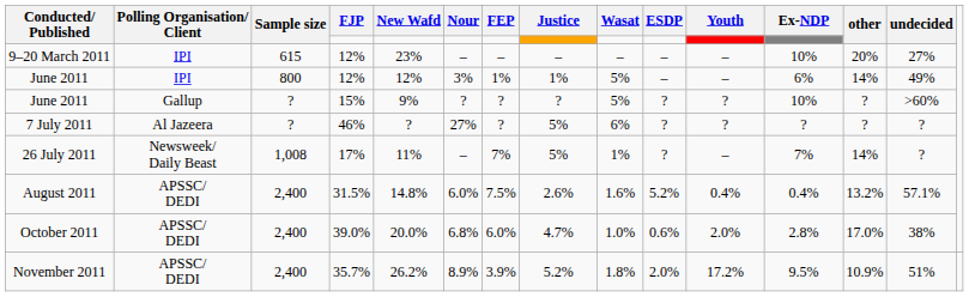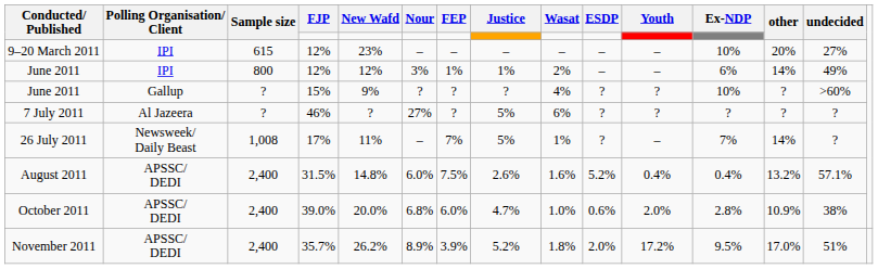 <table class="wikitable" style="text-align:center">
 <tr>
 <th rowspan=2>Conducted/<br> Published</th>
 <th rowspan=2>Polling Organisation/<br>Client</th>
 <th rowspan=2>Sample size</th>
 <th><a href='#'>FJP</a></th>
 <th><a href='#'>New Wafd</a></th>
 <th><a href='#'>Nour</a></th>
 <th><a href='#'>FEP</a></th>
 <th><a href='#'>Justice</a></th>
 <th><a href='#'>Wasat</a></th>
 <th><a href='#'>ESDP</a></th>
 <th><a href='#'>Youth</a></th>
 <th>Ex-<a href='#'>NDP</a></th>
 <th rowspan=2>other</th>
 <th rowspan=2>undecided</th>
 </tr>
 <tr>
 <td style="background:"></td>
 <td style="background:"></td>
 <td style="background:"></td>
 <td style="background:"></td>
 <td style="background:orange; width:80px;"></td>
 <td style="background:"></td>
 <td style="background:"></td>
 <td style="background:red; width:80px;"></td>
 <td style="background:gray; width:80px;"></td>
 </tr>
 <tr>
 <td>9–20 March 2011</td>
 <td><a href='#'>IPI</a></td>
 <td>615</td>
 <td>12%</td>
 <td>23%</td>
 <td>–</td>
 <td>–</td>
 <td>–</td>
 <td>–</td>
 <td>–</td>
 <td>–</td>
 <td>10%</td>
 <td>20%</td>
 <td>27%</td>
 </tr>
 <tr>
 <td>June 2011</td>
 <td><a href='#'>IPI</a></td>
 <td>800</td>
 <td>12%</td>
 <td>12%</td>
 <td>3%</td>
 <td>1%</td>
 <td>1%</td>
-<td>5%</td>
+<td>2%</td>
 <td>–</td>
 <td>–</td>
 <td>6%</td>
 <td>14%</td>
 <td>49%</td>
 </tr>
 <tr>
 <td>June 2011</td>
 <td>Gallup</td>
 <td>?</td>
 <td>15%</td>
 <td>9%</td>
 <td>?</td>
 <td>?</td>
 <td>?</td>
-<td>5%</td>
+<td>4%</td>
 <td>?</td>
 <td>?</td>
 <td>10%</td>
 <td>?</td>
 <td>>60%</td>
 </tr>
 <tr>
 <td>7 July 2011</td>
 <td>Al Jazeera</td>
 <td>?</td>
 <td>46%</td>
 <td>?</td>
 <td>27%</td>
 <td>?</td>
 <td>5%</td>
 <td>6%</td>
 <td>?</td>
 <td>?</td>
 <td>?</td>
 <td>?</td>
 <td>?</td>
 </tr>
 <tr>
 <td>26 July 2011</td>
 <td>Newsweek/<br>Daily Beast</td>
 <td>1,008</td>
 <td>17%</td>
 <td>11%</td>
 <td>–</td>
 <td>7%</td>
 <td>5%</td>
 <td>1%</td>
 <td>?</td>
 <td>–</td>
 <td>7%</td>
 <td>14%</td>
 <td>?</td>
 </tr>
 <tr>
 <td>August 2011</td>
 <td>APSSC/<br>DEDI</td>
 <td>2,400</td>
 <td>31.5%</td>
 <td>14.8%</td>
 <td>6.0%</td>
 <td>7.5%</td>
 <td>2.6%</td>
 <td>1.6%</td>
 <td>5.2%</td>
 <td>0.4%</td>
 <td>0.4%</td>
 <td>13.2%</td>
 <td>57.1%</td>
 </tr>
 <tr>
 <td>October 2011</td>
 <td>APSSC/<br>DEDI</td>
 <td>2,400</td>
 <td>39.0%</td>
 <td>20.0%</td>
 <td>6.8%</td>
 <td>6.0%</td>
 <td>4.7%</td>
 <td>1.0%</td>
 <td>0.6%</td>
 <td>2.0%</td>
 <td>2.8%</td>
-<td>17.0%</td>
+<td>10.9%</td>
 <td>38%</td>
 </tr>
 <tr>
 <td>November 2011</td>
 <td>APSSC/<br>DEDI</td>
 <td>2,400</td>
 <td>35.7%</td>
 <td>26.2%</td>
 <td>8.9%</td>
 <td>3.9%</td>
 <td>5.2%</td>
 <td>1.8%</td>
 <td>2.0%</td>
 <td>17.2%</td>
 <td>9.5%</td>
-<td>10.9%</td>
+<td>17.0%</td>
 <td>51%</td>
 <td colspan="12" style="text-align:center;"></td>
 </tr>
 </table>
